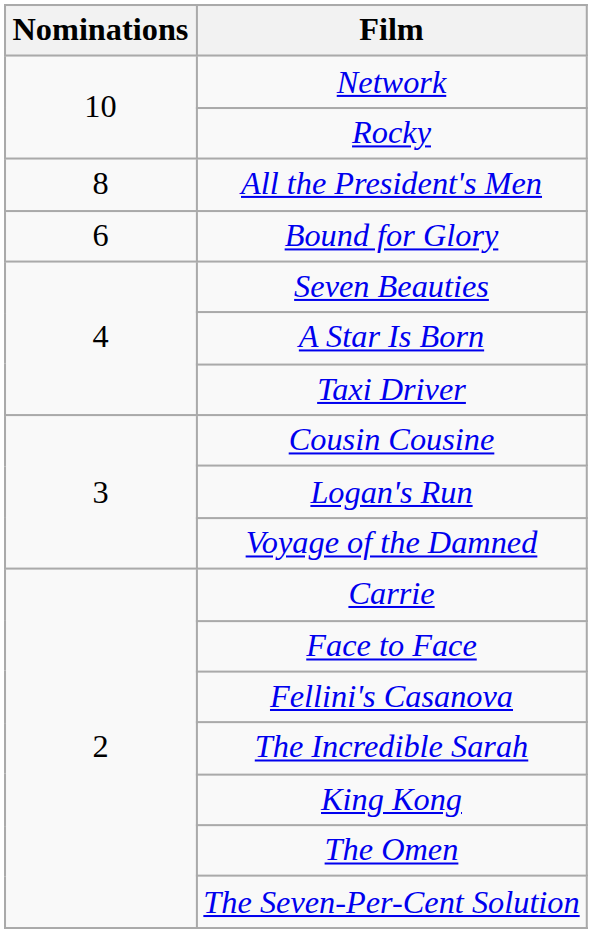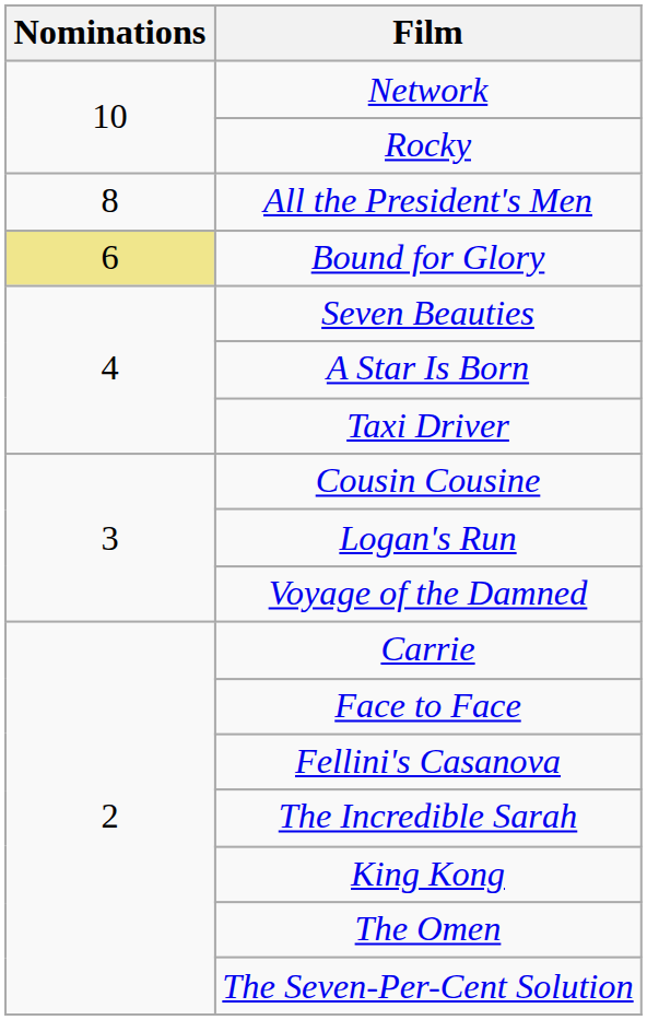 <table class="wikitable" rowspan="2" style="text-align:center;">
 <tr>
 <th scope="col" style="width:55px;">Nominations</th>
 <th scope="col" style="text-align:center;">Film</th>
 </tr>
 <tr>
 <td rowspan="2" style="text-align:center">10</td>
 <td><em><a href='#'>Network</a></em></td>
 </tr>
 <tr>
 <td><em><a href='#'>Rocky</a></em></td>
 </tr>
 <tr>
 <td rowspan="1" style="text-align:center">8</td>
 <td><em><a href='#'>All the President's Men</a></em></td>
 </tr>
 <tr>
-<td rowspan="1" style="text-align:center">6</td>
+<td rowspan="1" style="background: khaki; text-align:center">6</td>
 <td><em><a href='#'>Bound for Glory</a></em></td>
 </tr>
 <tr>
 <td rowspan="3" style="text-align:center">4</td>
 <td><em><a href='#'>Seven Beauties</a></em></td>
 </tr>
 <tr>
 <td><em><a href='#'>A Star Is Born</a></em></td>
 </tr>
 <tr>
 <td><em><a href='#'>Taxi Driver</a></em></td>
 </tr>
 <tr>
 <td rowspan="3" style="text-align:center">3</td>
 <td><em><a href='#'>Cousin Cousine</a></em></td>
 </tr>
 <tr>
 <td><em><a href='#'>Logan's Run</a></em></td>
 </tr>
 <tr>
 <td><em><a href='#'>Voyage of the Damned</a></em></td>
 </tr>
 <tr>
 <td rowspan="7" style="text-align:center">2</td>
 <td><em><a href='#'>Carrie</a></em></td>
 </tr>
 <tr>
 <td><em><a href='#'>Face to Face</a></em></td>
 </tr>
 <tr>
 <td><em><a href='#'>Fellini's Casanova</a></em></td>
 </tr>
 <tr>
 <td><em><a href='#'>The Incredible Sarah</a></em></td>
 </tr>
 <tr>
 <td><em><a href='#'>King Kong</a></em></td>
 </tr>
 <tr>
 <td><em><a href='#'>The Omen</a></em></td>
 </tr>
 <tr>
 <td><em><a href='#'>The Seven-Per-Cent Solution</a></em></td>
 </tr>
 <tr>
 </tr>
 </table>
